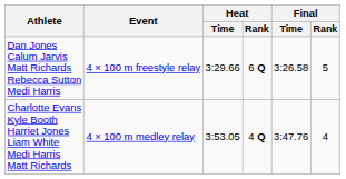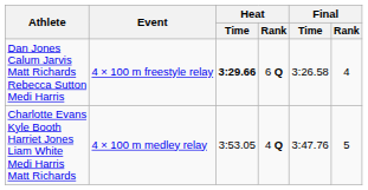 <table class=wikitable style=font-size:90%>
 <tr>
 <th rowspan=2>Athlete</th>
 <th rowspan=2>Event</th>
 <th colspan=2>Heat</th>
 <th colspan=2>Final</th>
 </tr>
 <tr style=font-size:95%>
 <th>Time</th>
 <th>Rank</th>
 <th>Time</th>
 <th>Rank</th>
 </tr>
 <tr align=center>
 <td align=left><a href='#'>Dan Jones</a><br><a href='#'>Calum Jarvis</a><br><a href='#'>Matt Richards</a><br><a href='#'>Rebecca Sutton</a><br><a href='#'>Medi Harris</a></td>
 <td align=left><a href='#'>4 × 100 m freestyle relay</a></td>
-<td>3:29.66</td>
+<td><strong>3:29.66</strong></td>
 <td>6 <strong>Q</strong></td>
 <td>3:26.58</td>
-<td>5</td>
+<td>4</td>
 </tr>
 <tr align=center>
 <td align=left><a href='#'>Charlotte Evans</a><br><a href='#'>Kyle Booth</a><br><a href='#'>Harriet Jones</a><br><a href='#'>Liam White</a><br><a href='#'>Medi Harris</a><br><a href='#'>Matt Richards</a></td>
 <td align=left><a href='#'>4 × 100 m medley relay</a></td>
 <td>3:53.05</td>
 <td>4 <strong>Q</strong></td>
 <td>3:47.76</td>
-<td>4</td>
+<td>5</td>
 </tr>
 </table>
